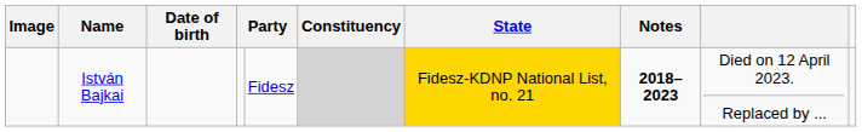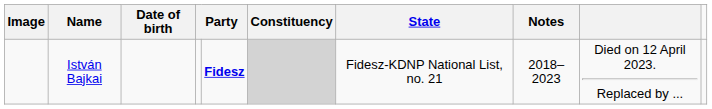 <table class="wikitable sortable" style="text-align:center">
 <tr>
 <th>Image</th>
 <th>Name</th>
 <th>Date of birth</th>
 <th colspan=2>Party</th>
 <th>Constituency</th>
 <th><a href='#'>State</a></th>
 <th>Notes</th>
 <th></th>
 </tr>
 <tr>
 <td></td>
 <td data-sort-value="Bajkai, István"><a href='#'>István Bajkai</a></td>
 <td></td>
 <td bgcolor=></td>
-<td><a href='#'>Fidesz</a></td>
+<td><strong><a href='#'>Fidesz</a></strong></td>
 <td bgcolor=lightgrey></td>
-<td style="background: gold;">Fidesz-KDNP National List, no. 21</td>
-<td><strong>2018–2023</strong></td>
+<td>Fidesz-KDNP National List, no. 21</td>
+<td>2018–2023</td>
 <td>Died on 12 April 2023.<hr>Replaced by ...</td>
 <td></td>
 </tr>
 </table>
